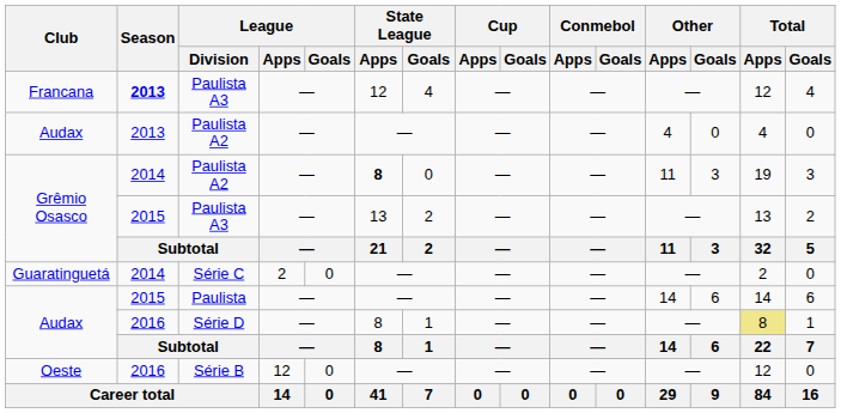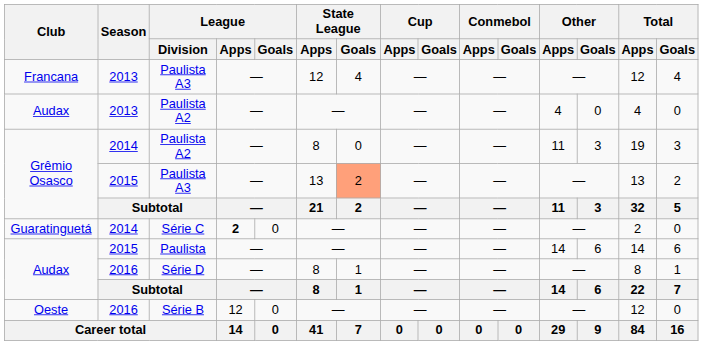 <table class="wikitable" style="text-align: center;">
 <tr>
 <th rowspan="2">Club</th>
 <th rowspan="2">Season</th>
 <th colspan="3">League</th>
 <th colspan="2">State League</th>
 <th colspan="2">Cup</th>
 <th colspan="2">Conmebol</th>
 <th colspan="2">Other</th>
 <th colspan="2">Total</th>
 </tr>
 <tr>
 <th>Division</th>
 <th>Apps</th>
 <th>Goals</th>
 <th>Apps</th>
 <th>Goals</th>
 <th>Apps</th>
 <th>Goals</th>
 <th>Apps</th>
 <th>Goals</th>
 <th>Apps</th>
 <th>Goals</th>
 <th>Apps</th>
 <th>Goals</th>
 </tr>
 <tr>
 <td valign="center"><a href='#'>Francana</a></td>
-<td><strong><a href='#'>2013</a></strong></td>
+<td><a href='#'>2013</a></td>
 <td><a href='#'>Paulista A3</a></td>
 <td colspan="2">—</td>
 <td>12</td>
 <td>4</td>
 <td colspan="2">—</td>
 <td colspan="2">—</td>
 <td colspan="2">—</td>
 <td>12</td>
 <td>4</td>
 </tr>
 <tr>
 <td valign="center"><a href='#'>Audax</a></td>
 <td><a href='#'>2013</a></td>
 <td><a href='#'>Paulista A2</a></td>
 <td colspan="2">—</td>
 <td colspan="2">—</td>
 <td colspan="2">—</td>
 <td colspan="2">—</td>
 <td>4</td>
 <td>0</td>
 <td>4</td>
 <td>0</td>
 </tr>
 <tr>
 <td rowspan=3 valign="center"><a href='#'>Grêmio Osasco</a></td>
 <td><a href='#'>2014</a></td>
 <td><a href='#'>Paulista A2</a></td>
 <td colspan="2">—</td>
-<td><strong>8</strong></td>
+<td>8</td>
 <td>0</td>
 <td colspan="2">—</td>
 <td colspan="2">—</td>
 <td>11</td>
 <td>3</td>
 <td>19</td>
 <td>3</td>
 </tr>
 <tr>
 <td><a href='#'>2015</a></td>
 <td><a href='#'>Paulista A3</a></td>
 <td colspan="2">—</td>
 <td>13</td>
-<td>2</td>
+<td style="background: lightsalmon;">2</td>
 <td colspan="2">—</td>
 <td colspan="2">—</td>
 <td colspan="2">—</td>
 <td>13</td>
 <td>2</td>
 </tr>
 <tr>
 <th colspan="2">Subtotal</th>
 <th colspan="2">—</th>
 <th>21</th>
 <th>2</th>
 <th colspan="2">—</th>
 <th colspan="2">—</th>
 <th>11</th>
 <th>3</th>
 <th>32</th>
 <th>5</th>
 </tr>
 <tr>
 <td valign="center"><a href='#'>Guaratinguetá</a></td>
 <td><a href='#'>2014</a></td>
 <td><a href='#'>Série C</a></td>
-<td>2</td>
+<td><strong>2</strong></td>
 <td>0</td>
 <td colspan="2">—</td>
 <td colspan="2">—</td>
 <td colspan="2">—</td>
 <td colspan="2">—</td>
 <td>2</td>
 <td>0</td>
 </tr>
 <tr>
 <td rowspan=3 valign="center"><a href='#'>Audax</a></td>
 <td><a href='#'>2015</a></td>
 <td><a href='#'>Paulista</a></td>
 <td colspan="2">—</td>
 <td colspan="2">—</td>
 <td colspan="2">—</td>
 <td colspan="2">—</td>
 <td>14</td>
 <td>6</td>
 <td>14</td>
 <td>6</td>
 </tr>
 <tr>
 <td><a href='#'>2016</a></td>
 <td><a href='#'>Série D</a></td>
 <td colspan="2">—</td>
 <td>8</td>
 <td>1</td>
 <td colspan="2">—</td>
 <td colspan="2">—</td>
 <td colspan="2">—</td>
-<td style="background: khaki;">8</td>
+<td>8</td>
 <td>1</td>
 </tr>
 <tr>
 <th colspan="2">Subtotal</th>
 <th colspan="2">—</th>
 <th>8</th>
 <th>1</th>
 <th colspan="2">—</th>
 <th colspan="2">—</th>
 <th>14</th>
 <th>6</th>
 <th>22</th>
 <th>7</th>
 </tr>
 <tr>
 <td valign="center"><a href='#'>Oeste</a></td>
 <td><a href='#'>2016</a></td>
 <td><a href='#'>Série B</a></td>
 <td>12</td>
 <td>0</td>
 <td colspan="2">—</td>
 <td colspan="2">—</td>
 <td colspan="2">—</td>
 <td colspan="2">—</td>
 <td>12</td>
 <td>0</td>
 </tr>
 <tr>
 <th colspan="3"><strong>Career total</strong></th>
 <th>14</th>
 <th>0</th>
 <th>41</th>
 <th>7</th>
 <th>0</th>
 <th>0</th>
 <th>0</th>
 <th>0</th>
 <th>29</th>
 <th>9</th>
 <th>84</th>
 <th>16</th>
 </tr>
 </table>
